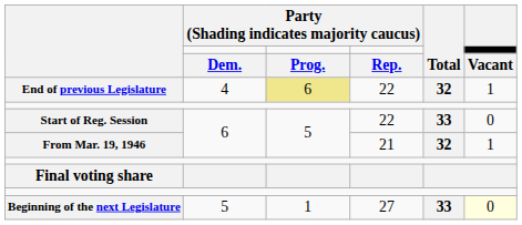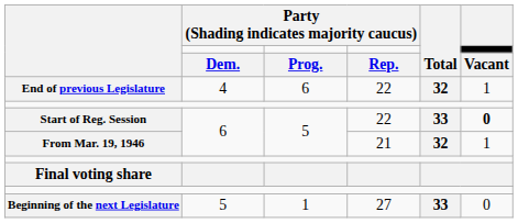 <table class=wikitable style="text-align:center">
 <tr style="vertical-align:bottom;">
 <th rowspan=3></th>
 <th colspan=3>Party <div>(Shading indicates majority caucus)</div></th>
 <th rowspan=3>Total</th>
 <th></th>
 </tr>
 <tr style="height:5px">
 <td style="background-color:"></td>
 <td style="background-color:"></td>
 <td style="background-color:"></td>
 <td style="background:black;"></td>
 </tr>
 <tr>
 <th><a href='#'>Dem.</a></th>
 <th><a href='#'>Prog.</a></th>
 <th><a href='#'>Rep.</a></th>
 <th>Vacant</th>
 </tr>
 <tr>
 <th style="font-size:80%;">End of <a href='#'>previous Legislature</a></th>
 <td>4</td>
-<td style="background: khaki;">6</td>
+<td>6</td>
 <td>22</td>
 <th>32</th>
 <td>1</td>
 </tr>
 <tr>
 <td colspan=6></td>
 </tr>
 <tr>
 <th style="font-size:80%;">Start of Reg. Session</th>
 <td rowspan="2">6</td>
 <td rowspan="2">5</td>
 <td>22</td>
 <th>33</th>
-<td>0</td>
+<td><strong>0</strong></td>
 </tr>
 <tr>
 <th style="font-size:80%;">From Mar. 19, 1946</th>
 <td>21</td>
 <th>32</th>
 <td>1</td>
 </tr>
 <tr>
 <td colspan=6></td>
 </tr>
 <tr>
 <th>Final voting share</th>
 <th></th>
 <th></th>
 <th></th>
 <th colspan=2></th>
 </tr>
 <tr>
 <td colspan=6></td>
 </tr>
 <tr>
 <th style="font-size:80%;">Beginning of the <a href='#'>next Legislature</a></th>
 <td>5</td>
 <td>1</td>
 <td>27</td>
 <th>33</th>
-<td style="background: lightyellow;">0</td>
+<td>0</td>
 </tr>
 </table>
